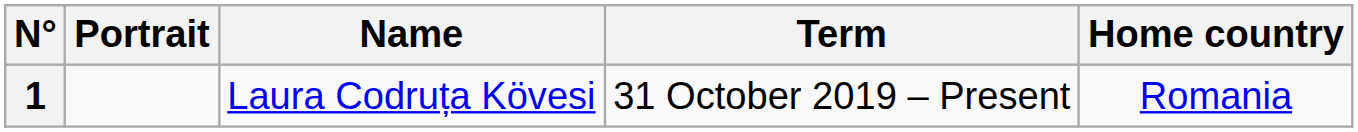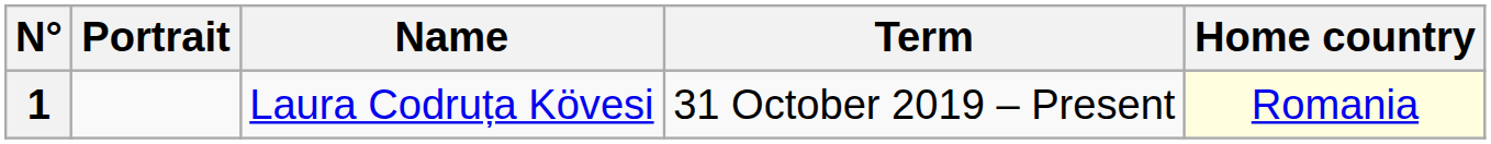 <table class="wikitable mw-collapsible" style="text-align:center; border:1px #AAAAFF solid">
 <tr>
 <th>N°</th>
 <th>Portrait</th>
 <th>Name</th>
 <th>Term</th>
 <th>Home country</th>
 </tr>
 <tr>
 <th rowspan="2">1</th>
 <td rowspan="2"></td>
 <td rowspan="2"><a href='#'>Laura Codruța Kövesi</a></td>
 <td rowspan="2">31 October 2019 – Present</td>
-<td><a href='#'>Romania</a></td>
+<td style="background: lightyellow;"><a href='#'>Romania</a></td>
 </tr>
 </table>
